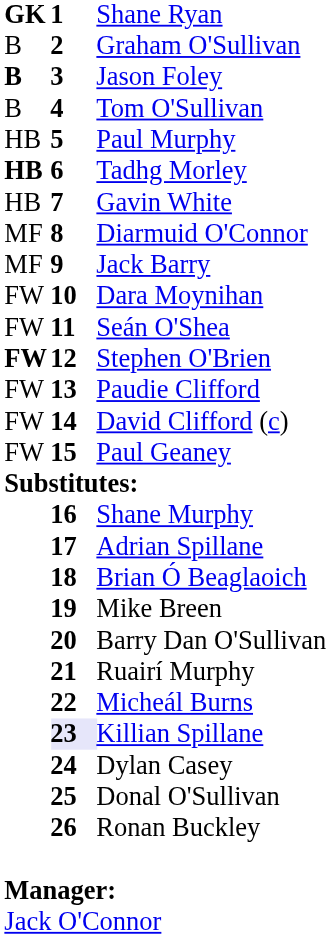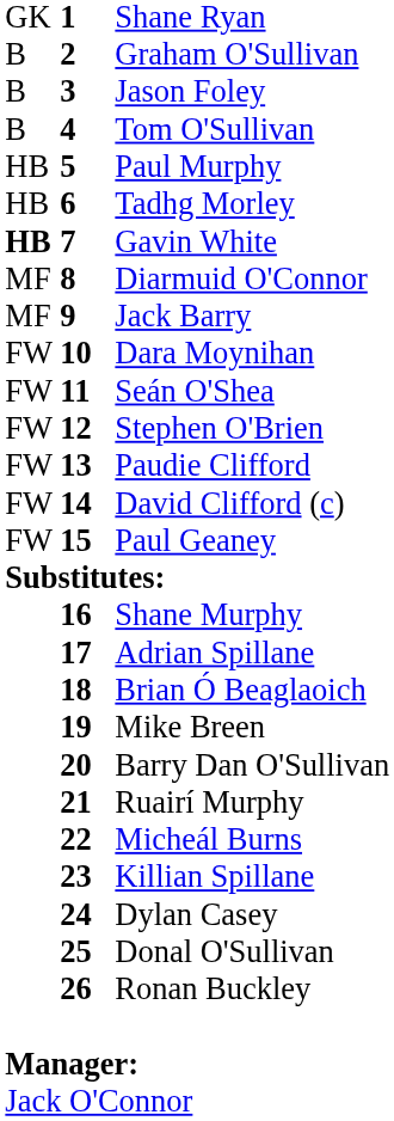 <table cellspacing="0" cellpadding="0" style="font-size:90%; margin:0.2em auto;">
 <tr>
 <th width="25"></th>
 <th width="25"></th>
 </tr>
 <tr>
-<td><strong>GK</strong></td>
+<td>GK</td>
 <td><strong>1</strong></td>
 <td><a href='#'>Shane Ryan</a></td>
 </tr>
 <tr>
 <td>B</td>
 <td><strong>2</strong></td>
 <td><a href='#'>Graham O'Sullivan</a></td>
 </tr>
 <tr>
-<td><strong>B</strong></td>
+<td>B</td>
 <td><strong>3</strong></td>
 <td><a href='#'>Jason Foley</a></td>
 </tr>
 <tr>
 <td>B</td>
 <td><strong>4</strong></td>
 <td><a href='#'>Tom O'Sullivan</a></td>
 </tr>
 <tr>
 <td>HB</td>
 <td><strong>5</strong></td>
 <td><a href='#'>Paul Murphy</a></td>
 <td></td>
 <td></td>
 </tr>
 <tr>
-<td><strong>HB</strong></td>
+<td>HB</td>
 <td><strong>6</strong></td>
 <td><a href='#'>Tadhg Morley</a></td>
 </tr>
 <tr>
-<td>HB</td>
+<td><strong>HB</strong></td>
 <td><strong>7</strong></td>
 <td><a href='#'>Gavin White</a></td>
 </tr>
 <tr>
 <td>MF</td>
 <td><strong>8</strong></td>
 <td><a href='#'>Diarmuid O'Connor</a></td>
 </tr>
 <tr>
 <td>MF</td>
 <td><strong>9</strong></td>
 <td><a href='#'>Jack Barry</a></td>
 <td></td>
 <td></td>
 </tr>
 <tr>
 <td>FW</td>
 <td><strong>10</strong></td>
 <td><a href='#'>Dara Moynihan</a></td>
 <td></td>
 <td></td>
 </tr>
 <tr>
 <td>FW</td>
 <td><strong>11</strong></td>
 <td><a href='#'>Seán O'Shea</a></td>
 </tr>
 <tr>
-<td><strong>FW</strong></td>
+<td>FW</td>
 <td><strong>12</strong></td>
 <td><a href='#'>Stephen O'Brien</a></td>
 <td></td>
 <td></td>
 </tr>
 <tr>
 <td>FW</td>
 <td><strong>13</strong></td>
 <td><a href='#'>Paudie Clifford</a></td>
 </tr>
 <tr>
 <td>FW</td>
 <td><strong>14</strong></td>
 <td><a href='#'>David Clifford</a> (<a href='#'>c</a>)</td>
 </tr>
 <tr>
 <td>FW</td>
 <td><strong>15</strong></td>
 <td><a href='#'>Paul Geaney</a></td>
 <td></td>
 <td></td>
 </tr>
 <tr>
 <td colspan=3><strong>Substitutes:</strong></td>
 </tr>
 <tr>
 <td></td>
 <td><strong>16</strong></td>
 <td><a href='#'>Shane Murphy</a></td>
 <td></td>
 </tr>
 <tr>
 <td></td>
 <td><strong>17</strong></td>
 <td><a href='#'>Adrian Spillane</a></td>
 <td></td>
 <td></td>
 </tr>
 <tr>
 <td></td>
 <td><strong>18</strong></td>
 <td><a href='#'>Brian Ó Beaglaoich</a></td>
 <td></td>
 <td></td>
 </tr>
 <tr>
 <td></td>
 <td><strong>19</strong></td>
 <td>Mike Breen</td>
 <td></td>
 <td></td>
 </tr>
 <tr>
 <td></td>
 <td><strong>20</strong></td>
 <td>Barry Dan O'Sullivan</td>
 </tr>
 <tr>
 <td></td>
 <td><strong>21</strong></td>
 <td>Ruairí Murphy</td>
 </tr>
 <tr>
 <td></td>
 <td><strong>22</strong></td>
 <td><a href='#'>Micheál Burns</a></td>
 <td></td>
 <td></td>
 </tr>
 <tr>
 <td></td>
-<td style="background: lavender;"><strong>23</strong></td>
+<td><strong>23</strong></td>
 <td><a href='#'>Killian Spillane</a></td>
 <td></td>
 <td></td>
 </tr>
 <tr>
 <td></td>
 <td><strong>24</strong></td>
 <td>Dylan Casey</td>
 </tr>
 <tr>
 <td></td>
 <td><strong>25</strong></td>
 <td>Donal O'Sullivan</td>
 </tr>
 <tr>
 <td></td>
 <td><strong>26</strong></td>
 <td>Ronan Buckley</td>
 </tr>
 <tr>
 <td colspan=3><br><strong>Manager:</strong></td>
 </tr>
 <tr>
 <td colspan="4"><a href='#'>Jack O'Connor</a></td>
 </tr>
 </table>
